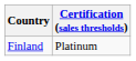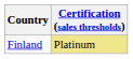 <table class="wikitable sortable">
 <tr>
 <th>Country</th>
 <th><a href='#'>Certification</a><br>(<small><a href='#'>sales thresholds</a></small>)</th>
 </tr>
 <tr>
 <td><a href='#'>Finland</a></td>
-<td>Platinum</td>
+<td style="background: khaki;">Platinum</td>
 </tr>
 </table>
